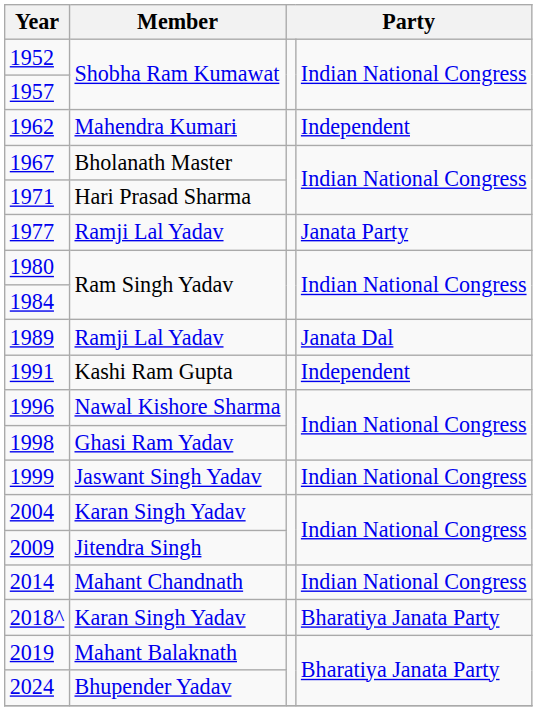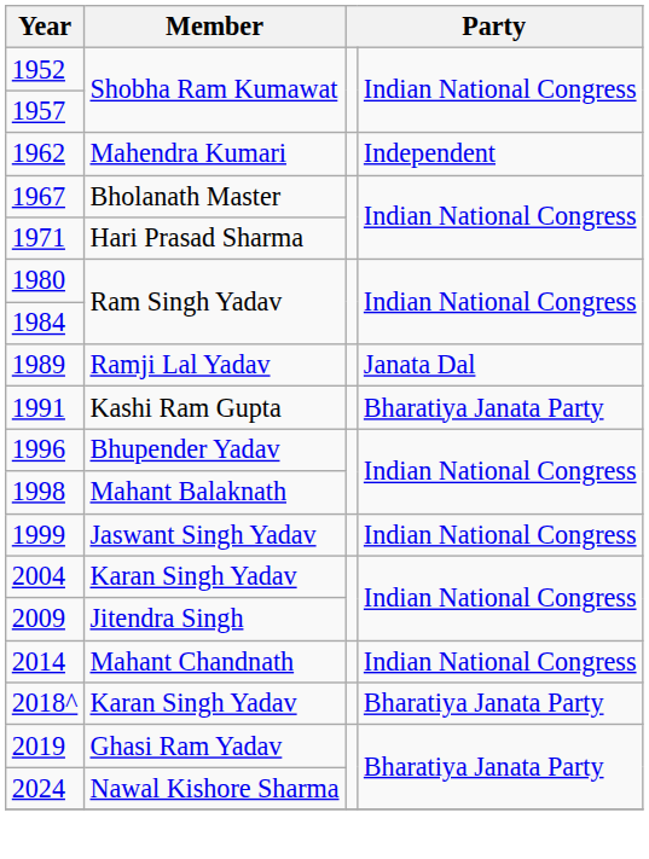 <table class="wikitable">
 <tr>
 <th>Year</th>
 <th>Member</th>
 <th colspan="2">Party</th>
 </tr>
 <tr>
 <td><a href='#'>1952</a></td>
 <td rowspan="2"><a href='#'>Shobha Ram Kumawat</a></td>
 <td rowspan="2" style="background-color: "></td>
 <td rowspan="2"><a href='#'>Indian National Congress</a></td>
 </tr>
 <tr>
 <td><a href='#'>1957</a></td>
 </tr>
 <tr>
 <td><a href='#'>1962</a></td>
 <td><a href='#'>Mahendra Kumari</a></td>
 <td style="background-color: "></td>
 <td><a href='#'>Independent</a></td>
 </tr>
 <tr>
 <td><a href='#'>1967</a></td>
 <td>Bholanath Master</td>
 <td rowspan="2" style="background-color: "></td>
 <td rowspan="2"><a href='#'>Indian National Congress</a></td>
 </tr>
 <tr>
 <td><a href='#'>1971</a></td>
 <td>Hari Prasad Sharma</td>
 </tr>
 <tr>
-<td><a href='#'>1977</a></td>
-<td><a href='#'>Ramji Lal Yadav</a></td>
-<td style="background-color: "></td>
-<td><a href='#'>Janata Party</a></td>
-</tr>
-<tr>
 <td><a href='#'>1980</a></td>
 <td rowspan="2">Ram Singh Yadav</td>
 <td rowspan="2" style="background-color: "></td>
 <td rowspan="2"><a href='#'>Indian National Congress</a></td>
 </tr>
 <tr>
 <td><a href='#'>1984</a></td>
 </tr>
 <tr>
 <td><a href='#'>1989</a></td>
 <td><a href='#'>Ramji Lal Yadav</a></td>
 <td style="background-color: "></td>
 <td><a href='#'>Janata Dal</a></td>
 </tr>
 <tr>
 <td><a href='#'>1991</a></td>
 <td>Kashi Ram Gupta</td>
 <td style="background-color: "></td>
-<td><a href='#'>Independent</a></td>
+<td><a href='#'>Bharatiya Janata Party</a></td>
 </tr>
 <tr>
 <td><a href='#'>1996</a></td>
-<td><a href='#'>Nawal Kishore Sharma</a></td>
+<td><a href='#'>Bhupender Yadav</a></td>
 <td rowspan="2" style="background-color: "></td>
 <td rowspan="2"><a href='#'>Indian National Congress</a></td>
 </tr>
 <tr>
 <td><a href='#'>1998</a></td>
-<td><a href='#'>Ghasi Ram Yadav</a></td>
+<td><a href='#'>Mahant Balaknath</a></td>
 </tr>
 <tr>
 <td><a href='#'>1999</a></td>
 <td><a href='#'>Jaswant Singh Yadav</a></td>
 <td style="background-color: "></td>
 <td><a href='#'>Indian National Congress</a></td>
 </tr>
 <tr>
 <td><a href='#'>2004</a></td>
 <td><a href='#'>Karan Singh Yadav</a></td>
 <td rowspan="2" style="background-color: "></td>
 <td rowspan="2"><a href='#'>Indian National Congress</a></td>
 </tr>
 <tr>
 <td><a href='#'>2009</a></td>
 <td><a href='#'>Jitendra Singh</a></td>
 </tr>
 <tr>
 <td><a href='#'>2014</a></td>
 <td><a href='#'>Mahant Chandnath</a></td>
 <td style="background-color: "></td>
 <td><a href='#'>Indian National Congress</a></td>
 </tr>
 <tr>
 <td><a href='#'>2018^</a></td>
 <td><a href='#'>Karan Singh Yadav</a></td>
 <td style="background-color: "></td>
 <td><a href='#'>Bharatiya Janata Party</a></td>
 </tr>
 <tr>
 <td><a href='#'>2019</a></td>
-<td><a href='#'>Mahant Balaknath</a></td>
+<td><a href='#'>Ghasi Ram Yadav</a></td>
 <td rowspan="2" style="background-color: "></td>
 <td rowspan="2"><a href='#'>Bharatiya Janata Party</a></td>
 </tr>
 <tr>
 <td><a href='#'>2024</a></td>
-<td><a href='#'>Bhupender Yadav</a></td>
+<td><a href='#'>Nawal Kishore Sharma</a></td>
 </tr>
 <tr>
 </tr>
 </table>
